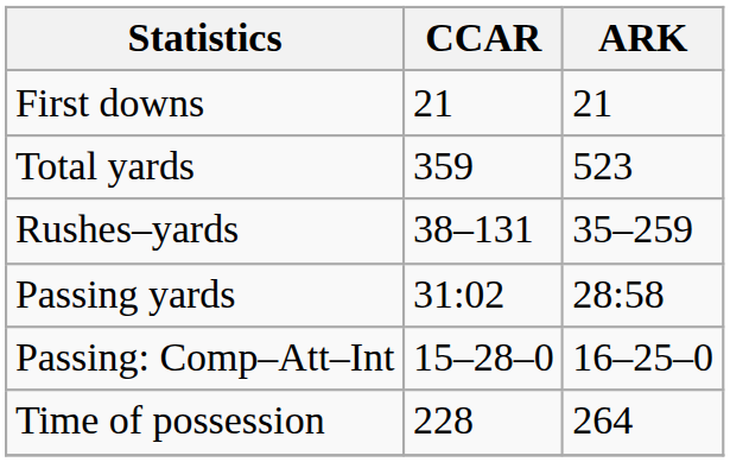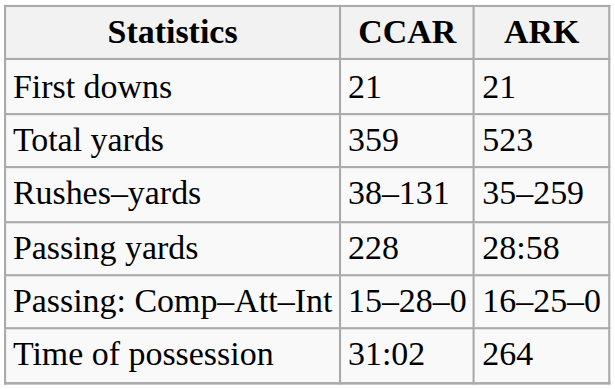 <table class="wikitable" style="float: left;">
 <tr>
 <th>Statistics</th>
 <th>CCAR</th>
 <th>ARK</th>
 </tr>
 <tr>
 <td>First downs</td>
 <td>21</td>
 <td>21</td>
 </tr>
 <tr>
 <td>Total yards</td>
 <td>359</td>
 <td>523</td>
 </tr>
 <tr>
 <td>Rushes–yards</td>
 <td>38–131</td>
 <td>35–259</td>
 </tr>
 <tr>
 <td>Passing yards</td>
-<td>31:02</td>
+<td>228</td>
 <td>28:58</td>
 </tr>
 <tr>
 <td>Passing: Comp–Att–Int</td>
 <td>15–28–0</td>
 <td>16–25–0</td>
 </tr>
 <tr>
 <td>Time of possession</td>
-<td>228</td>
+<td>31:02</td>
 <td>264</td>
 </tr>
 <tr>
 </tr>
 </table>
